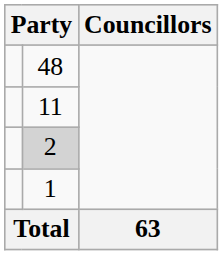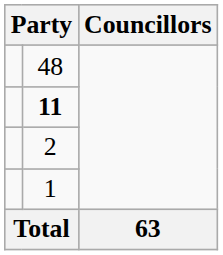 <table class="wikitable">
 <tr>
 <th colspan=2>Party</th>
 <th>Councillors</th>
 </tr>
 <tr>
 <td></td>
 <td align=center>48</td>
 </tr>
 <tr>
 <td></td>
-<td align=center>11</td>
+<td align=center><strong>11</strong></td>
 </tr>
 <tr>
 <td></td>
-<td align=center style="background: lightgrey;">2</td>
+<td align=center>2</td>
 </tr>
 <tr>
 <td></td>
 <td align=center>1</td>
 </tr>
 <tr>
 <th colspan=2>Total</th>
 <th align=center>63</th>
 </tr>
 </table>
